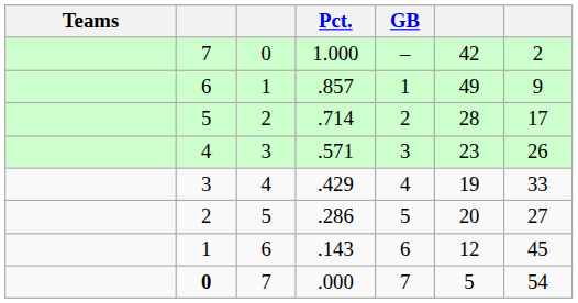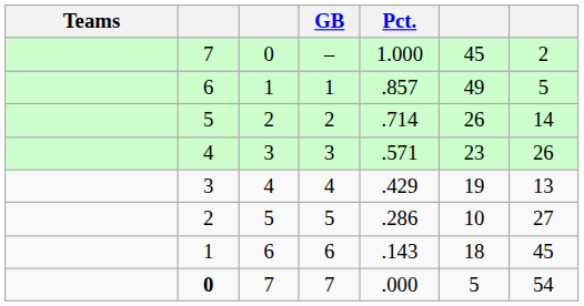 <table class="wikitable" width="50%" style="text-align:center;">
 <tr>
 <th width="20%">Teams</th>
 <th width="7%"></th>
 <th width="7%"></th>
+<th width="7%"><a href='#'>GB</a></th>
 <th width="8%"><a href='#'>Pct.</a></th>
-<th width="7%"><a href='#'>GB</a></th>
 <th width="8%"></th>
 <th width="8%"></th>
 </tr>
 <tr bgcolor="#CCFFCC">
 <td align=left></td>
 <td>7</td>
 <td>0</td>
+<td>–</td>
 <td>1.000</td>
-<td>–</td>
-<td>42</td>
+<td>45</td>
 <td>2</td>
 </tr>
 <tr bgcolor="#CCFFCC">
 <td align=left></td>
 <td>6</td>
 <td>1</td>
+<td>1</td>
 <td>.857</td>
-<td>1</td>
 <td>49</td>
-<td>9</td>
+<td>5</td>
 </tr>
 <tr bgcolor="#CCFFCC">
 <td align=left></td>
 <td>5</td>
 <td>2</td>
+<td>2</td>
 <td>.714</td>
-<td>2</td>
-<td>28</td>
-<td>17</td>
+<td>26</td>
+<td>14</td>
 </tr>
 <tr bgcolor="#CCFFCC">
 <td align=left></td>
 <td>4</td>
 <td>3</td>
+<td>3</td>
 <td>.571</td>
-<td>3</td>
 <td>23</td>
 <td>26</td>
 </tr>
 <tr>
 <td align=left></td>
 <td>3</td>
 <td>4</td>
+<td>4</td>
 <td>.429</td>
-<td>4</td>
 <td>19</td>
-<td>33</td>
+<td>13</td>
 </tr>
 <tr>
 <td align=left></td>
 <td>2</td>
 <td>5</td>
+<td>5</td>
 <td>.286</td>
-<td>5</td>
-<td>20</td>
+<td>10</td>
 <td>27</td>
 </tr>
 <tr>
 <td align=left></td>
 <td>1</td>
 <td>6</td>
+<td>6</td>
 <td>.143</td>
-<td>6</td>
-<td>12</td>
+<td>18</td>
 <td>45</td>
 </tr>
 <tr>
 <td align=left></td>
 <td><strong>0</strong></td>
 <td>7</td>
+<td>7</td>
 <td>.000</td>
-<td>7</td>
 <td>5</td>
 <td>54</td>
 </tr>
 </table>
